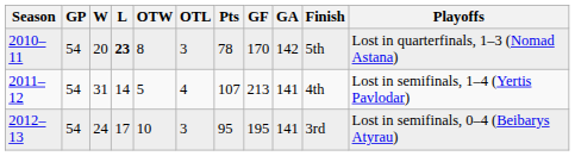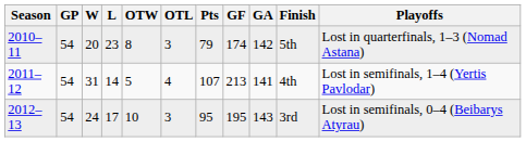 <table class="wikitable">
 <tr>
 <th>Season</th>
 <th>GP</th>
 <th>W</th>
 <th>L</th>
 <th>OTW</th>
 <th>OTL</th>
 <th>Pts</th>
 <th>GF</th>
 <th>GA</th>
 <th>Finish</th>
 <th>Playoffs</th>
 </tr>
 <tr style="background:#eee;">
 <td><a href='#'>2010–11</a></td>
 <td>54</td>
 <td>20</td>
-<td><strong>23</strong></td>
+<td>23</td>
 <td>8</td>
 <td>3</td>
-<td>78</td>
-<td>170</td>
+<td>79</td>
+<td>174</td>
 <td>142</td>
 <td>5th</td>
 <td>Lost in quarterfinals, 1–3 (<a href='#'>Nomad Astana</a>)</td>
 </tr>
 <tr>
 <td><a href='#'>2011–12</a></td>
 <td>54</td>
 <td>31</td>
 <td>14</td>
 <td>5</td>
 <td>4</td>
 <td>107</td>
 <td>213</td>
 <td>141</td>
 <td>4th</td>
 <td>Lost in semifinals, 1–4 (<a href='#'>Yertis Pavlodar</a>)</td>
 </tr>
 <tr style="background:#eee;">
 <td><a href='#'>2012–13</a></td>
 <td>54</td>
 <td>24</td>
 <td>17</td>
 <td>10</td>
 <td>3</td>
 <td>95</td>
 <td>195</td>
-<td>141</td>
+<td>143</td>
 <td>3rd</td>
 <td>Lost in semifinals, 0–4 (<a href='#'>Beibarys Atyrau</a>)</td>
 </tr>
 </table>
